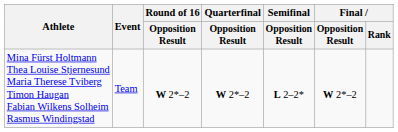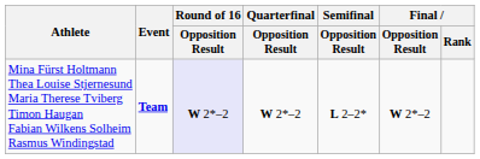 <table class=wikitable style="font-size:90%">
 <tr>
 <th rowspan=2>Athlete</th>
 <th rowspan=2>Event</th>
 <th>Round of 16</th>
 <th>Quarterfinal</th>
 <th>Semifinal</th>
 <th colspan=2>Final / </th>
 </tr>
 <tr style=font-size:95%>
 <th>Opposition<br>Result</th>
 <th>Opposition<br>Result</th>
 <th>Opposition<br>Result</th>
 <th>Opposition<br>Result</th>
 <th>Rank</th>
 </tr>
 <tr align=center>
 <td align=left><a href='#'>Mina Fürst Holtmann</a><br><a href='#'>Thea Louise Stjernesund</a><br><a href='#'>Maria Therese Tviberg</a><br><a href='#'>Timon Haugan</a><br><a href='#'>Fabian Wilkens Solheim</a><br><a href='#'>Rasmus Windingstad</a></td>
-<td align=left><a href='#'>Team</a></td>
-<td><br><strong>W</strong> 2*–2</td>
+<td align=left><strong><a href='#'>Team</a></strong></td>
+<td style="background: lavender;"><br><strong>W</strong> 2*–2</td>
 <td><br><strong>W</strong> 2*–2</td>
 <td><br><strong>L</strong> 2–2*</td>
 <td><br><strong>W</strong> 2*–2</td>
 <td></td>
 </tr>
 </table>
